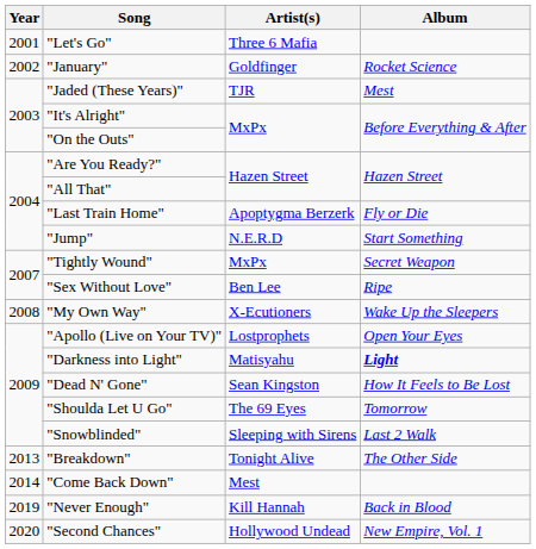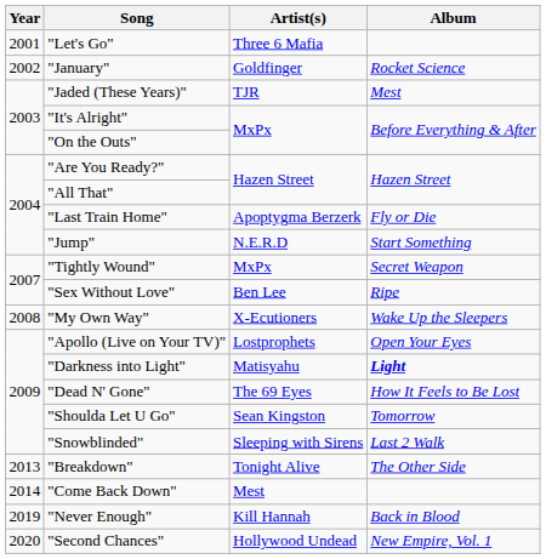 <table class="wikitable">
 <tr>
 <th>Year</th>
 <th>Song</th>
 <th>Artist(s)</th>
 <th>Album</th>
 </tr>
 <tr>
 <td>2001</td>
 <td>"Let's Go"</td>
 <td><a href='#'>Three 6 Mafia</a></td>
 <td></td>
 </tr>
 <tr>
 <td>2002</td>
 <td>"January"</td>
 <td><a href='#'>Goldfinger</a></td>
 <td><em><a href='#'>Rocket Science</a></em></td>
 </tr>
 <tr>
 <td rowspan="3">2003</td>
 <td>"Jaded (These Years)"</td>
 <td><a href='#'>TJR</a></td>
 <td><em><a href='#'>Mest</a></em></td>
 </tr>
 <tr>
 <td>"It's Alright"</td>
 <td rowspan="2"><a href='#'>MxPx</a></td>
 <td rowspan="2"><em><a href='#'>Before Everything & After</a></em></td>
 </tr>
 <tr>
 <td>"On the Outs"</td>
 </tr>
 <tr>
 <td rowspan="4">2004</td>
 <td>"Are You Ready?"</td>
 <td rowspan="2"><a href='#'>Hazen Street</a></td>
 <td rowspan="2"><em><a href='#'>Hazen Street</a></em></td>
 </tr>
 <tr>
 <td>"All That"</td>
 </tr>
 <tr>
 <td>"Last Train Home"</td>
 <td><a href='#'>Apoptygma Berzerk</a></td>
 <td><em><a href='#'>Fly or Die</a></em></td>
 </tr>
 <tr>
 <td>"Jump"</td>
 <td><a href='#'>N.E.R.D</a></td>
 <td><em><a href='#'>Start Something</a></em></td>
 </tr>
 <tr>
 <td rowspan="2">2007</td>
 <td>"Tightly Wound"</td>
 <td><a href='#'>MxPx</a></td>
 <td><em><a href='#'>Secret Weapon</a></em></td>
 </tr>
 <tr>
 <td>"Sex Without Love"</td>
 <td><a href='#'>Ben Lee</a></td>
 <td><em><a href='#'>Ripe</a></em></td>
 </tr>
 <tr>
 <td>2008</td>
 <td>"My Own Way"</td>
 <td><a href='#'>X-Ecutioners</a></td>
 <td><em><a href='#'>Wake Up the Sleepers</a></em></td>
 </tr>
 <tr>
 <td rowspan="5">2009</td>
 <td>"Apollo (Live on Your TV)"</td>
 <td><a href='#'>Lostprophets</a></td>
 <td><em><a href='#'>Open Your Eyes</a></em></td>
 </tr>
 <tr>
 <td>"Darkness into Light"</td>
 <td><a href='#'>Matisyahu</a></td>
 <td><strong><em><a href='#'>Light</a></em></strong></td>
 </tr>
 <tr>
 <td>"Dead N' Gone"</td>
-<td><a href='#'>Sean Kingston</a></td>
+<td><a href='#'>The 69 Eyes</a></td>
 <td><em><a href='#'>How It Feels to Be Lost</a></em></td>
 </tr>
 <tr>
 <td>"Shoulda Let U Go"</td>
-<td><a href='#'>The 69 Eyes</a></td>
+<td><a href='#'>Sean Kingston</a></td>
 <td><em><a href='#'>Tomorrow</a></em></td>
 </tr>
 <tr>
 <td>"Snowblinded"</td>
 <td><a href='#'>Sleeping with Sirens</a></td>
 <td><em><a href='#'>Last 2 Walk</a></em></td>
 </tr>
 <tr>
 <td>2013</td>
 <td>"Breakdown"</td>
 <td><a href='#'>Tonight Alive</a></td>
 <td><em><a href='#'>The Other Side</a></em></td>
 </tr>
 <tr>
 <td>2014</td>
 <td>"Come Back Down"</td>
 <td><a href='#'>Mest</a></td>
 <td></td>
 </tr>
 <tr>
 <td>2019</td>
 <td>"Never Enough"</td>
 <td><a href='#'>Kill Hannah</a></td>
 <td><em><a href='#'>Back in Blood</a></em></td>
 </tr>
 <tr>
 <td>2020</td>
 <td>"Second Chances"</td>
 <td><a href='#'>Hollywood Undead</a></td>
 <td><em><a href='#'>New Empire, Vol. 1</a></em></td>
 </tr>
 </table>
